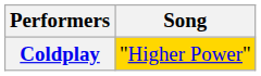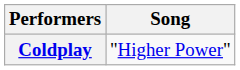 <table class="wikitable unsortable" style="text-align:center;">
 <tr>
 <th scope="col">Performers</th>
 <th scope="col">Song</th>
 </tr>
 <tr>
 <th scope="row"><a href='#'>Coldplay</a></th>
-<td style="background: gold;">"<a href='#'>Higher Power</a>"</td>
+<td>"<a href='#'>Higher Power</a>"</td>
 </tr>
 </table>
